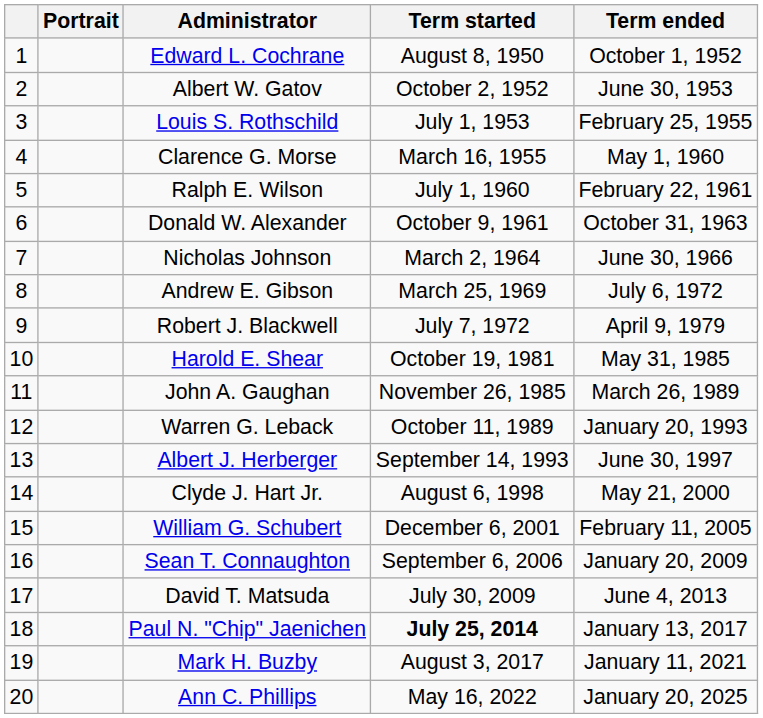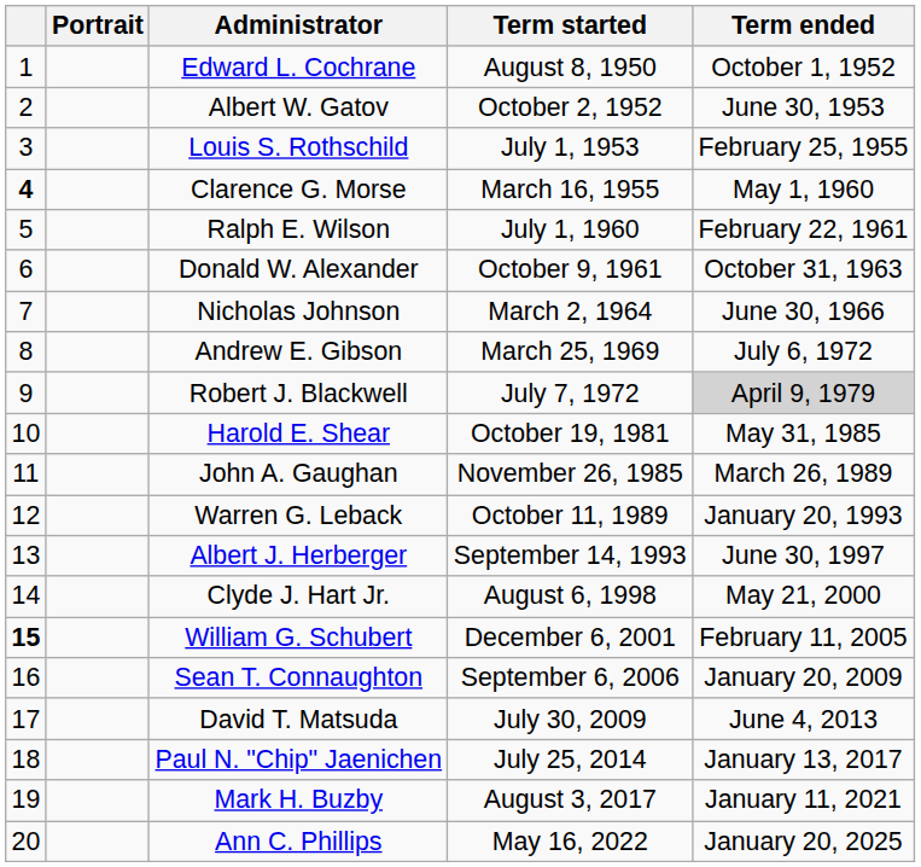 <table class=wikitable style="text-align:center">
 <tr>
 <th></th>
 <th>Portrait</th>
 <th>Administrator</th>
 <th>Term started</th>
 <th>Term ended</th>
 </tr>
 <tr>
 <td>1</td>
 <td></td>
 <td><a href='#'>Edward L. Cochrane</a></td>
 <td>August 8, 1950</td>
 <td>October 1, 1952</td>
 </tr>
 <tr>
 <td>2</td>
 <td></td>
 <td>Albert W. Gatov</td>
 <td>October 2, 1952</td>
 <td>June 30, 1953</td>
 </tr>
 <tr>
 <td>3</td>
 <td></td>
 <td><a href='#'>Louis S. Rothschild</a></td>
 <td>July 1, 1953</td>
 <td>February 25, 1955</td>
 </tr>
 <tr>
-<td>4</td>
+<td><strong>4</strong></td>
 <td></td>
 <td>Clarence G. Morse</td>
 <td>March 16, 1955</td>
 <td>May 1, 1960</td>
 </tr>
 <tr>
 <td>5</td>
 <td></td>
 <td>Ralph E. Wilson</td>
 <td>July 1, 1960</td>
 <td>February 22, 1961</td>
 </tr>
 <tr>
 <td>6</td>
 <td></td>
 <td>Donald W. Alexander</td>
 <td>October 9, 1961</td>
 <td>October 31, 1963</td>
 </tr>
 <tr>
 <td>7</td>
 <td></td>
 <td>Nicholas Johnson</td>
 <td>March 2, 1964</td>
 <td>June 30, 1966</td>
 </tr>
 <tr>
 <td>8</td>
 <td></td>
 <td>Andrew E. Gibson</td>
 <td>March 25, 1969</td>
 <td>July 6, 1972</td>
 </tr>
 <tr>
 <td>9</td>
 <td></td>
 <td>Robert J. Blackwell</td>
 <td>July 7, 1972</td>
-<td>April 9, 1979</td>
+<td style="background: lightgrey;">April 9, 1979</td>
 </tr>
 <tr>
 <td>10</td>
 <td></td>
 <td><a href='#'>Harold E. Shear</a></td>
 <td>October 19, 1981</td>
 <td>May 31, 1985</td>
 </tr>
 <tr>
 <td>11</td>
 <td></td>
 <td>John A. Gaughan</td>
 <td>November 26, 1985</td>
 <td>March 26, 1989</td>
 </tr>
 <tr>
 <td>12</td>
 <td></td>
 <td>Warren G. Leback</td>
 <td>October 11, 1989</td>
 <td>January 20, 1993</td>
 </tr>
 <tr>
 <td>13</td>
 <td></td>
 <td><a href='#'>Albert J. Herberger</a></td>
 <td>September 14, 1993</td>
 <td>June 30, 1997</td>
 </tr>
 <tr>
 <td>14</td>
 <td></td>
 <td>Clyde J. Hart Jr.</td>
 <td>August 6, 1998</td>
 <td>May 21, 2000</td>
 </tr>
 <tr>
-<td>15</td>
+<td><strong>15</strong></td>
 <td></td>
 <td><a href='#'>William G. Schubert</a></td>
 <td>December 6, 2001</td>
 <td>February 11, 2005</td>
 </tr>
 <tr>
 <td>16</td>
 <td></td>
 <td><a href='#'>Sean T. Connaughton</a></td>
 <td>September 6, 2006</td>
 <td>January 20, 2009</td>
 </tr>
 <tr>
 <td>17</td>
 <td></td>
 <td>David T. Matsuda</td>
 <td>July 30, 2009</td>
 <td>June 4, 2013</td>
 </tr>
 <tr>
 <td>18</td>
 <td></td>
 <td><a href='#'>Paul N. "Chip" Jaenichen</a></td>
-<td><strong>July 25, 2014</strong></td>
+<td>July 25, 2014</td>
 <td>January 13, 2017</td>
 </tr>
 <tr>
 <td>19</td>
 <td></td>
 <td><a href='#'>Mark H. Buzby</a></td>
 <td>August 3, 2017</td>
 <td>January 11, 2021</td>
 </tr>
 <tr>
 <td>20</td>
 <td></td>
 <td><a href='#'>Ann C. Phillips</a></td>
 <td>May 16, 2022</td>
 <td>January 20, 2025</td>
 </tr>
 <tr>
 </tr>
 </table>
